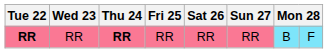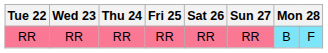 <table class="wikitable" style="margin:0.5em auto; font-size:90%; line-height:1.25em; text-align:center">
 <tr>
 <th>Tue 22</th>
 <th>Wed 23</th>
 <th>Thu 24</th>
 <th>Fri 25</th>
 <th>Sat 26</th>
 <th>Sun 27</th>
 <th colspan="2">Mon 28</th>
 </tr>
 <tr>
-<td bgcolor="#FA7894"><strong>RR</strong></td>
 <td bgcolor="#FA7894">RR</td>
-<td bgcolor="#FA7894"><strong>RR</strong></td>
+<td bgcolor="#FA7894">RR</td>
+<td bgcolor="#FA7894">RR</td>
 <td bgcolor="#FA7894">RR</td>
 <td bgcolor="#FA7894">RR</td>
 <td bgcolor="#FA7894">RR</td>
 <td bgcolor="#7DE5FA">B</td>
 <td bgcolor="#7DE5FA">F</td>
 </tr>
 </table>
